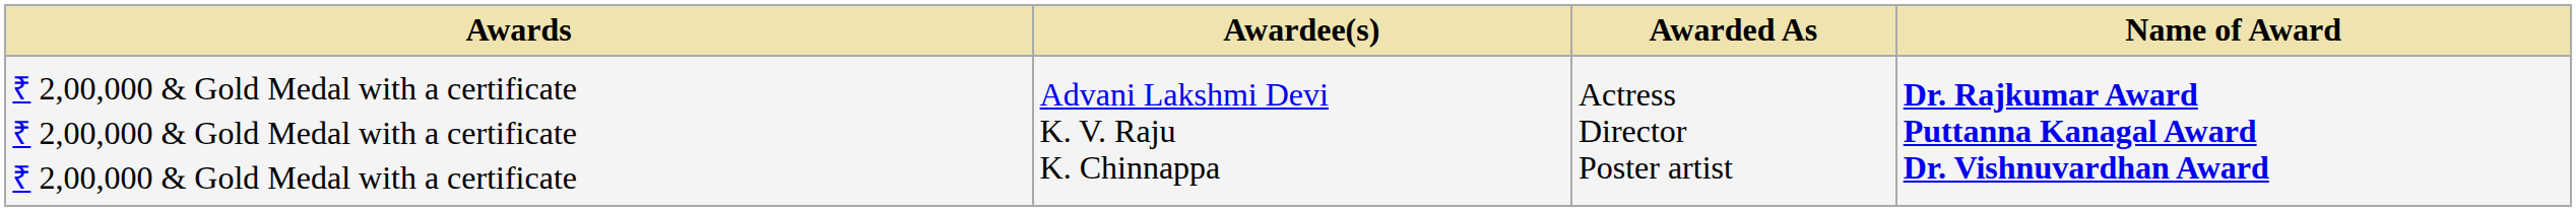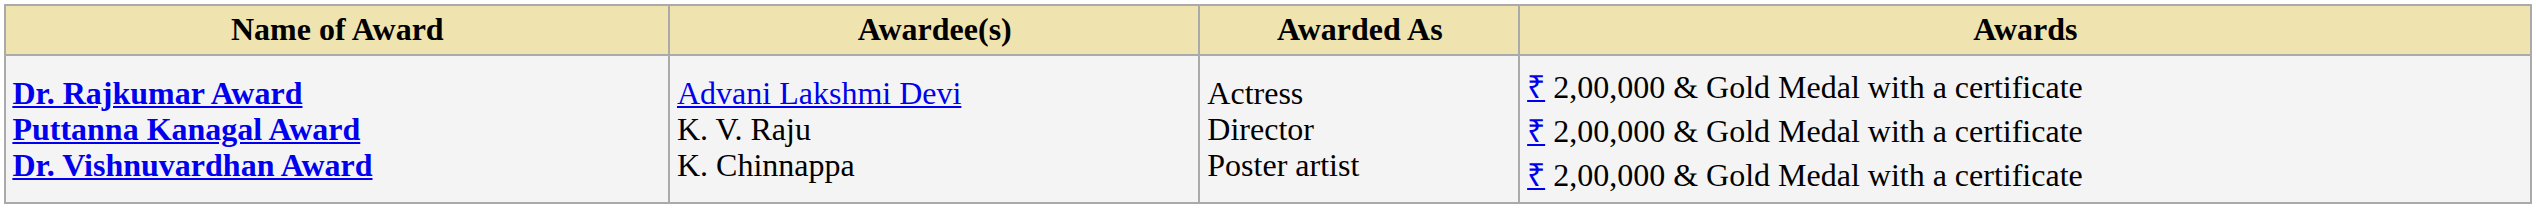 <table class="wikitable" style="width:100%;">
 <tr>
-<th style="background-color:#EFE4B0;">Awards</th>
+<th style="background-color:#EFE4B0;">Name of Award</th>
 <th style="background-color:#EFE4B0;">Awardee(s)</th>
 <th style="background-color:#EFE4B0;">Awarded As</th>
-<th style="background-color:#EFE4B0;">Name of Award</th>
+<th style="background-color:#EFE4B0;">Awards</th>
 </tr>
 <tr style="background-color:#F4F4F4">
-<td><a href='#'>₹</a> 2,00,000 & Gold Medal with a certificate<br><a href='#'>₹</a> 2,00,000 & Gold Medal with a certificate<br><a href='#'>₹</a> 2,00,000 & Gold Medal with a certificate</td>
+<td><strong><a href='#'>Dr. Rajkumar Award</a></strong><br><strong><a href='#'>Puttanna Kanagal Award</a></strong><br><strong><a href='#'>Dr. Vishnuvardhan Award</a></strong></td>
 <td><a href='#'>Advani Lakshmi Devi</a><br>K. V. Raju<br> K. Chinnappa</td>
 <td>Actress<br>Director<br>Poster artist</td>
-<td><strong><a href='#'>Dr. Rajkumar Award</a></strong><br><strong><a href='#'>Puttanna Kanagal Award</a></strong><br><strong><a href='#'>Dr. Vishnuvardhan Award</a></strong></td>
+<td><a href='#'>₹</a> 2,00,000 & Gold Medal with a certificate<br><a href='#'>₹</a> 2,00,000 & Gold Medal with a certificate<br><a href='#'>₹</a> 2,00,000 & Gold Medal with a certificate</td>
 </tr>
 </table>
